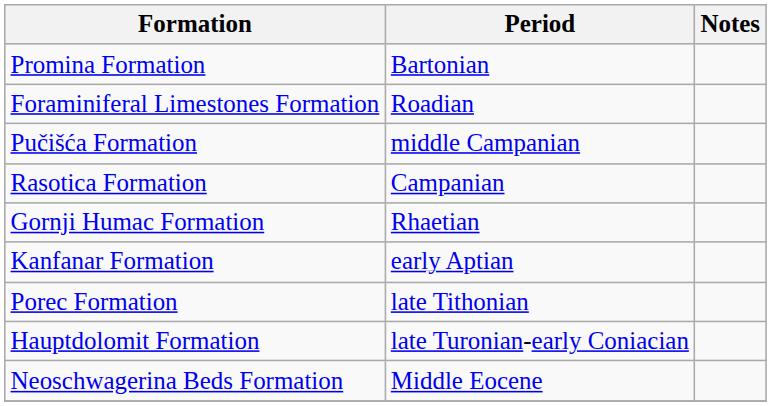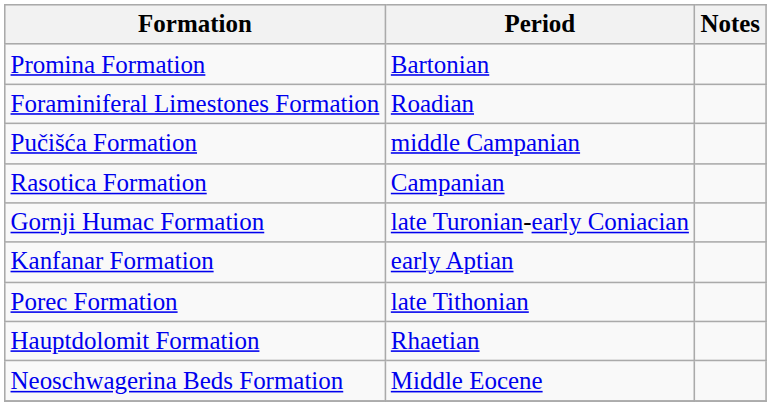 <table class="wikitable sortable">
 <tr>
 <th>Formation</th>
 <th>Period</th>
 <th class="unsortable">Notes</th>
 </tr>
 <tr>
 <td><a href='#'>Promina Formation</a></td>
 <td style="background-color: "><a href='#'>Bartonian</a></td>
 <td align=center></td>
 </tr>
 <tr>
 <td><a href='#'>Foraminiferal Limestones Formation</a></td>
 <td style="background-color: "><a href='#'>Roadian</a></td>
 <td align=center></td>
 </tr>
 <tr>
 <td><a href='#'>Pučišća Formation</a></td>
 <td style="background-color: "><a href='#'>middle Campanian</a></td>
 <td align=center></td>
 </tr>
 <tr>
 <td><a href='#'>Rasotica Formation</a></td>
 <td style="background-color: "><a href='#'>Campanian</a></td>
 <td align=center></td>
 </tr>
 <tr>
 <td><a href='#'>Gornji Humac Formation</a></td>
-<td style="background-color: "><a href='#'>Rhaetian</a></td>
+<td style="background-color: "><a href='#'>late Turonian</a>-<a href='#'>early Coniacian</a></td>
 <td align=center></td>
 </tr>
 <tr>
 <td><a href='#'>Kanfanar Formation</a></td>
 <td style="background-color: "><a href='#'>early Aptian</a></td>
 <td align=center></td>
 </tr>
 <tr>
 <td><a href='#'>Porec Formation</a></td>
 <td style="background-color: "><a href='#'>late Tithonian</a></td>
 <td align=center></td>
 </tr>
 <tr>
 <td><a href='#'>Hauptdolomit Formation</a></td>
-<td style="background-color: "><a href='#'>late Turonian</a>-<a href='#'>early Coniacian</a></td>
+<td style="background-color: "><a href='#'>Rhaetian</a></td>
 <td align=center></td>
 </tr>
 <tr>
 <td><a href='#'>Neoschwagerina Beds Formation</a></td>
 <td style="background-color: "><a href='#'>Middle Eocene</a></td>
 <td align=center></td>
 </tr>
 <tr>
 </tr>
 </table>
